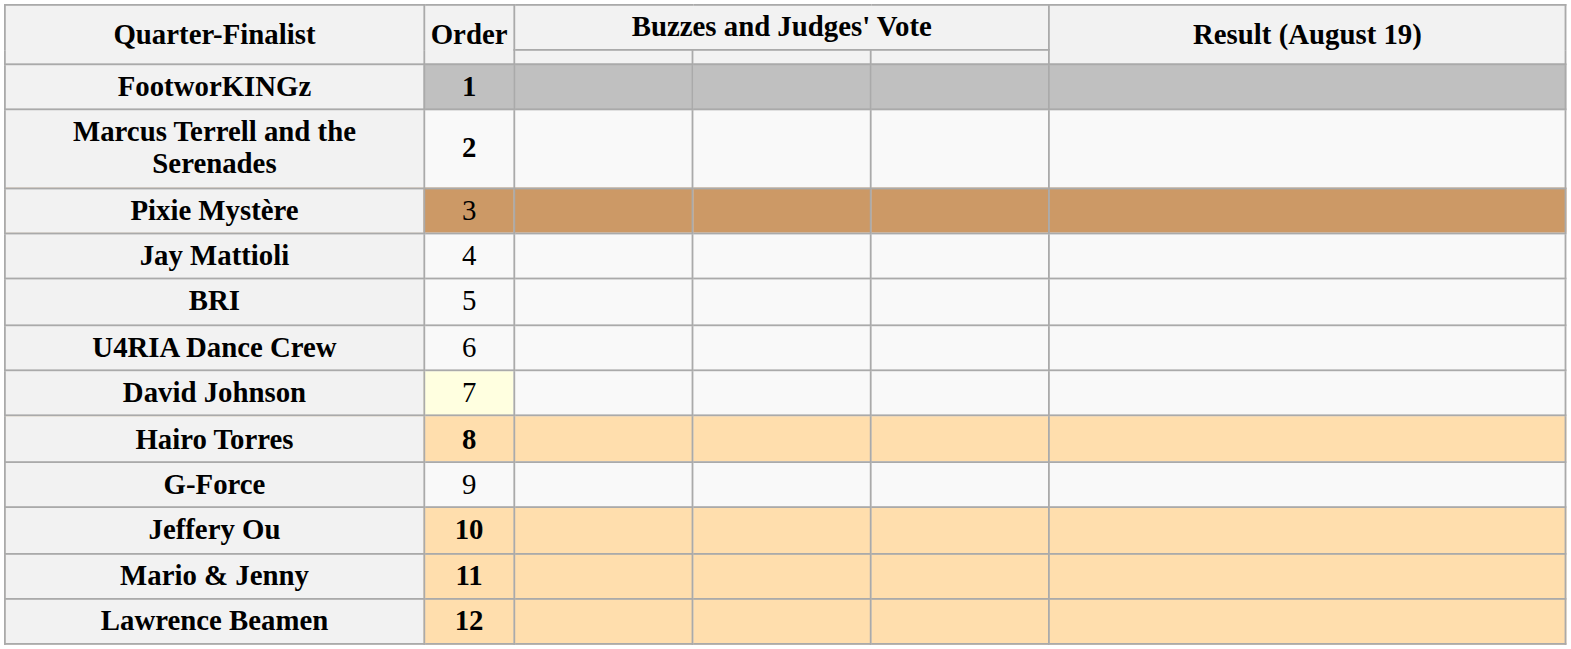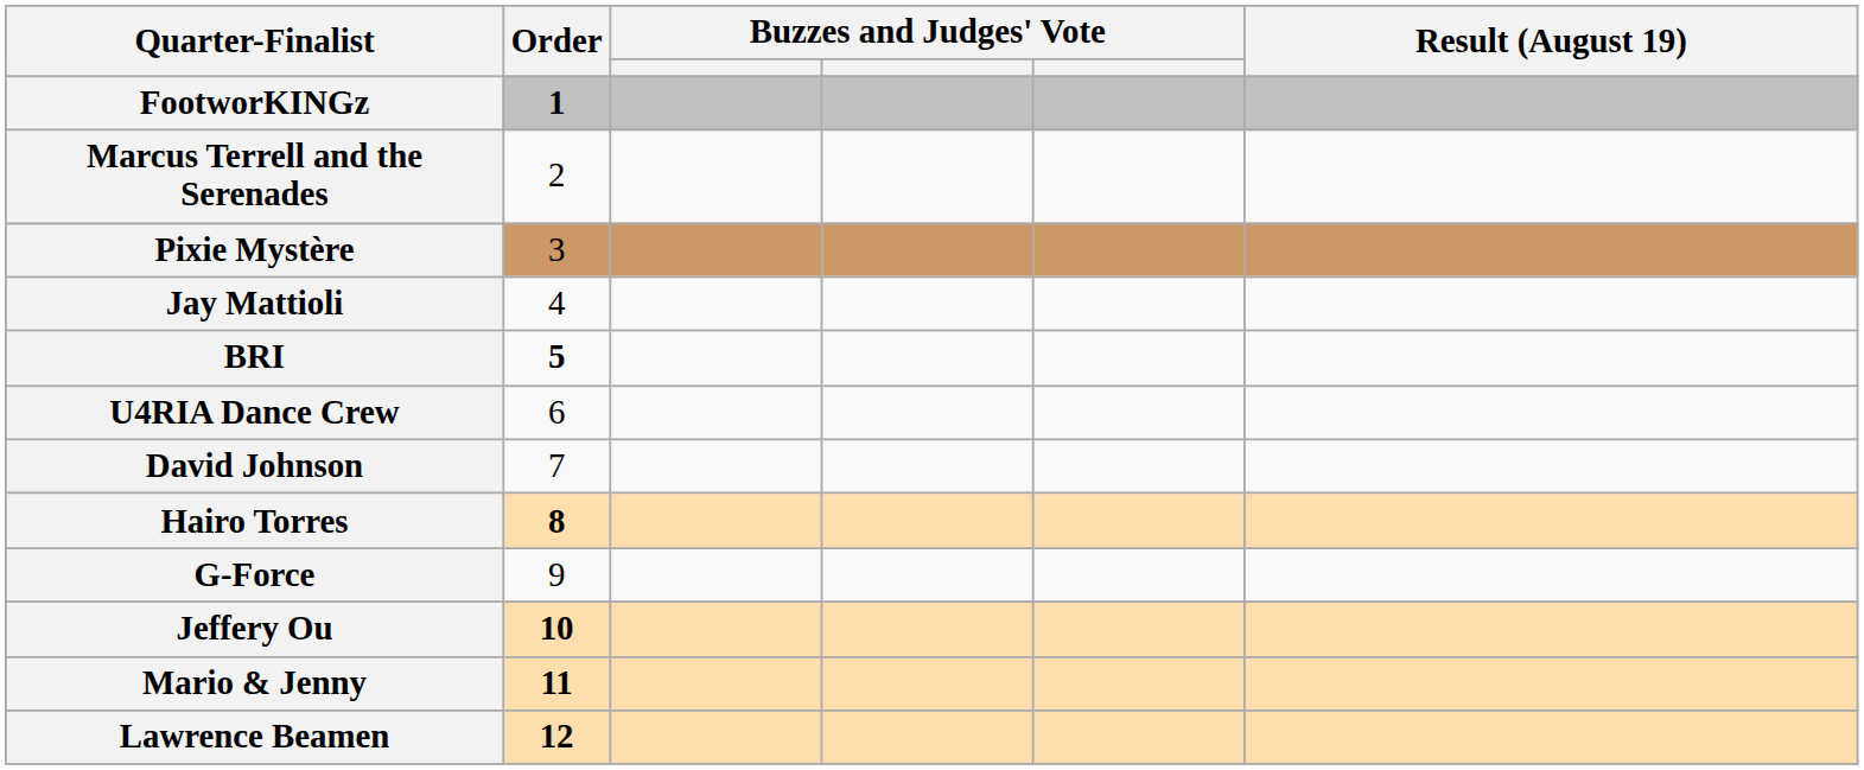 <table class="wikitable plainrowheaders sortable" style="text-align:center;">
 <tr>
 <th scope="col" rowspan="2" class="unsortable" style="width:17em;">Quarter-Finalist</th>
 <th scope="col" rowspan="2" style="width:1em;">Order</th>
 <th scope="col" colspan="3" class="unsortable" style="width:24em;">Buzzes and Judges' Vote</th>
 <th scope="col" rowspan="2" style="width:23em;">Result (August 19)</th>
 </tr>
 <tr>
 <th scope="col" class="unsortable" style="width:6em;"></th>
 <th scope="col" class="unsortable" style="width:6em;"></th>
 <th scope="col" class="unsortable" style="width:6em;"></th>
 </tr>
 <tr style="background:silver;">
 <th scope="row"><strong>FootworKINGz</strong></th>
 <td><strong>1</strong></td>
 <td style="text-align:center;"></td>
 <td style="text-align:center;"></td>
 <td style="text-align:center;"></td>
 <td><strong></strong></td>
 </tr>
 <tr>
 <th scope="row">Marcus Terrell and the Serenades</th>
-<td><strong>2</strong></td>
+<td>2</td>
 <td style="text-align:center;"></td>
 <td style="text-align:center;"></td>
 <td style="text-align:center;"></td>
 <td></td>
 </tr>
 <tr style="background:#c96;">
 <th scope="row">Pixie Mystère</th>
 <td>3</td>
 <td style="text-align:center;"></td>
 <td style="text-align:center;"></td>
 <td style="text-align:center;"></td>
 <td></td>
 </tr>
 <tr>
 <th scope="row">Jay Mattioli</th>
 <td>4</td>
 <td style="text-align:center;"></td>
 <td style="text-align:center;"></td>
 <td style="text-align:center;"></td>
 <td></td>
 </tr>
 <tr>
 <th scope="row">BRI</th>
-<td>5</td>
+<td><strong>5</strong></td>
 <td style="text-align:center;"></td>
 <td style="text-align:center;"></td>
 <td style="text-align:center;"></td>
 <td></td>
 </tr>
 <tr>
 <th scope="row">U4RIA Dance Crew</th>
 <td>6</td>
 <td style="text-align:center;"></td>
 <td style="text-align:center;"></td>
 <td style="text-align:center;"></td>
 <td></td>
 </tr>
 <tr>
 <th scope="row">David Johnson</th>
-<td style="background: lightyellow;">7</td>
+<td>7</td>
 <td style="text-align:center;"></td>
 <td style="text-align:center;"></td>
 <td style="text-align:center;"></td>
 <td></td>
 </tr>
 <tr style="background:NavajoWhite;">
 <th scope="row"><strong>Hairo Torres</strong></th>
 <td><strong>8</strong></td>
 <td style="text-align: center;"></td>
 <td style="text-align: center;"></td>
 <td style="text-align: center;"></td>
 <td><strong></strong></td>
 </tr>
 <tr>
 <th scope="row">G-Force</th>
 <td>9</td>
 <td style="text-align:center;"></td>
 <td style="text-align:center;"></td>
 <td style="text-align:center;"></td>
 <td></td>
 </tr>
 <tr style="background:NavajoWhite;">
 <th scope="row"><strong>Jeffery Ou</strong></th>
 <td><strong>10</strong></td>
 <td style="text-align: center;"></td>
 <td style="text-align: center;"></td>
 <td style="text-align: center;"></td>
 <td><strong></strong></td>
 </tr>
 <tr style="background:NavajoWhite;">
 <th scope="row"><strong>Mario & Jenny</strong></th>
 <td><strong>11</strong></td>
 <td style="text-align: center;"></td>
 <td style="text-align: center;"></td>
 <td style="text-align: center;"></td>
 <td><strong></strong></td>
 </tr>
 <tr style="background:NavajoWhite;">
 <th scope="row"><strong>Lawrence Beamen</strong></th>
 <td><strong>12</strong></td>
 <td style="text-align: center;"></td>
 <td style="text-align: center;"></td>
 <td style="text-align: center;"></td>
 <td><strong></strong></td>
 </tr>
 </table>
